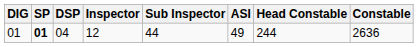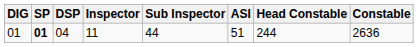 <table class="wikitable">
 <tr>
 <th>DIG</th>
 <th>SP</th>
 <th>DSP</th>
 <th>Inspector</th>
 <th>Sub Inspector</th>
 <th>ASI</th>
 <th>Head Constable</th>
 <th>Constable</th>
 </tr>
 <tr>
 <td>01</td>
 <td><strong>01</strong></td>
 <td>04</td>
-<td>12</td>
+<td>11</td>
 <td>44</td>
-<td>49</td>
+<td>51</td>
 <td>244</td>
 <td>2636</td>
 </tr>
 </table>
